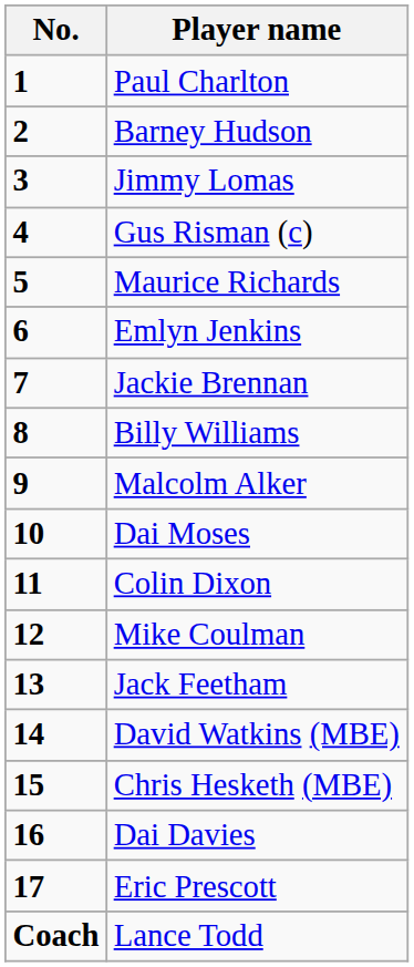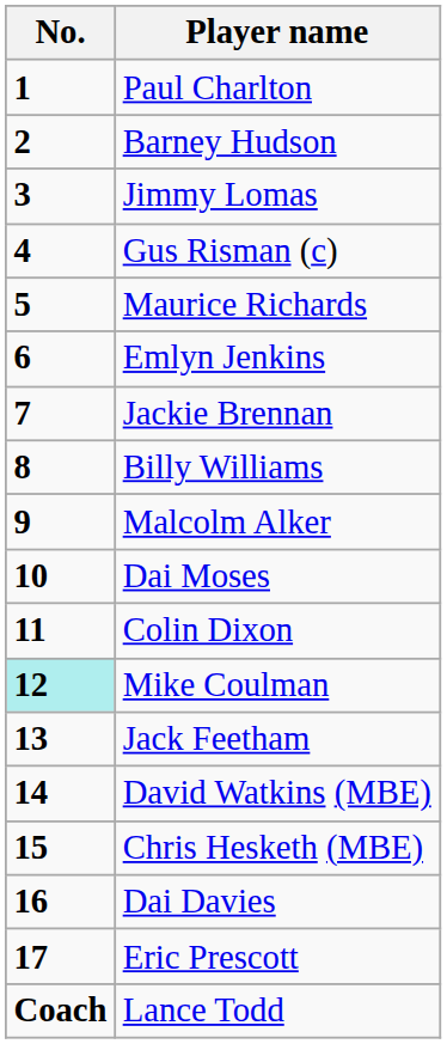 <table class="wikitable">
 <tr>
 <th>No.</th>
 <th>Player name</th>
 </tr>
 <tr>
 <td><strong>1</strong></td>
 <td><a href='#'>Paul Charlton</a></td>
 </tr>
 <tr>
 <td><strong>2</strong></td>
 <td><a href='#'>Barney Hudson</a></td>
 </tr>
 <tr>
 <td><strong>3</strong></td>
 <td><a href='#'>Jimmy Lomas</a></td>
 </tr>
 <tr>
 <td><strong>4</strong></td>
 <td><a href='#'>Gus Risman</a> (<a href='#'>c</a>)</td>
 </tr>
 <tr>
 <td><strong>5</strong></td>
 <td><a href='#'>Maurice Richards</a></td>
 </tr>
 <tr>
 <td><strong>6</strong></td>
 <td><a href='#'>Emlyn Jenkins</a></td>
 </tr>
 <tr>
 <td><strong>7</strong></td>
 <td><a href='#'>Jackie Brennan</a></td>
 </tr>
 <tr>
 <td><strong>8</strong></td>
 <td><a href='#'>Billy Williams</a></td>
 </tr>
 <tr>
 <td><strong>9</strong></td>
 <td><a href='#'>Malcolm Alker</a></td>
 </tr>
 <tr>
 <td><strong>10</strong></td>
 <td><a href='#'>Dai Moses</a></td>
 </tr>
 <tr>
 <td><strong>11</strong></td>
 <td><a href='#'>Colin Dixon</a></td>
 </tr>
 <tr>
-<td><strong>12</strong></td>
+<td style="background: paleturquoise;"><strong>12</strong></td>
 <td><a href='#'>Mike Coulman</a></td>
 </tr>
 <tr>
 <td><strong>13</strong></td>
 <td><a href='#'>Jack Feetham</a></td>
 </tr>
 <tr>
 <td><strong>14</strong></td>
 <td><a href='#'>David Watkins</a> <a href='#'>(MBE)</a></td>
 </tr>
 <tr>
 <td><strong>15</strong></td>
 <td><a href='#'>Chris Hesketh</a> <a href='#'>(MBE)</a></td>
 </tr>
 <tr>
 <td><strong>16</strong></td>
 <td><a href='#'>Dai Davies</a></td>
 </tr>
 <tr>
 <td><strong>17</strong></td>
 <td><a href='#'>Eric Prescott</a></td>
 </tr>
 <tr>
 <td><strong>Coach</strong></td>
 <td><a href='#'>Lance Todd</a></td>
 </tr>
 </table>
